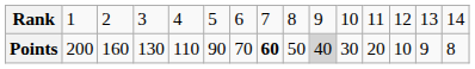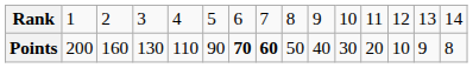 <table class="wikitable" border="1">
 <tr>
 <th>Rank</th>
 <td>1</td>
 <td>2</td>
 <td>3</td>
 <td>4</td>
 <td>5</td>
 <td>6</td>
 <td>7</td>
 <td>8</td>
 <td>9</td>
 <td>10</td>
 <td>11</td>
 <td>12</td>
 <td>13</td>
 <td>14</td>
 </tr>
 <tr>
 <th>Points</th>
 <td>200</td>
 <td>160</td>
 <td>130</td>
 <td>110</td>
 <td>90</td>
-<td>70</td>
+<td><strong>70</strong></td>
 <td><strong>60</strong></td>
 <td>50</td>
-<td style="background: lightgrey;">40</td>
+<td>40</td>
 <td>30</td>
 <td>20</td>
 <td>10</td>
 <td>9</td>
 <td>8</td>
 </tr>
 </table>
